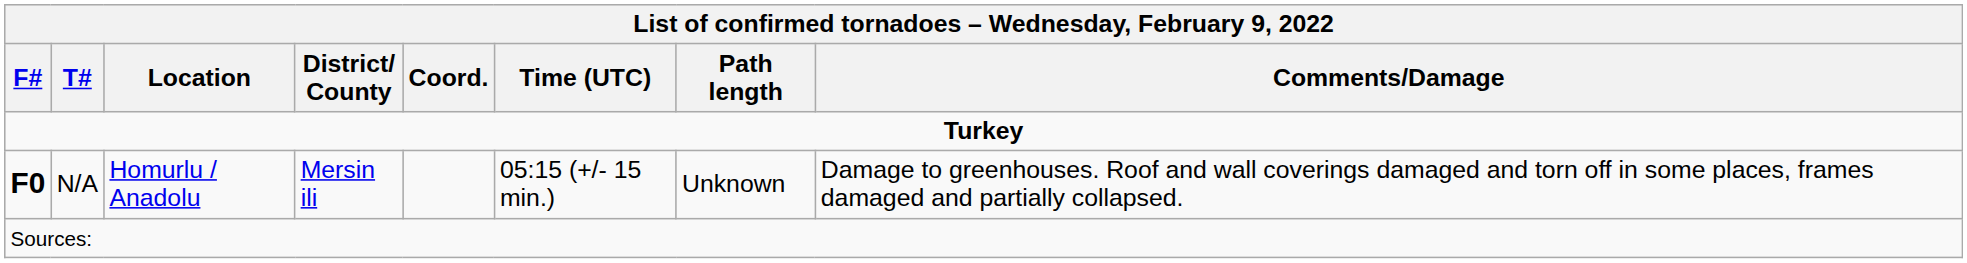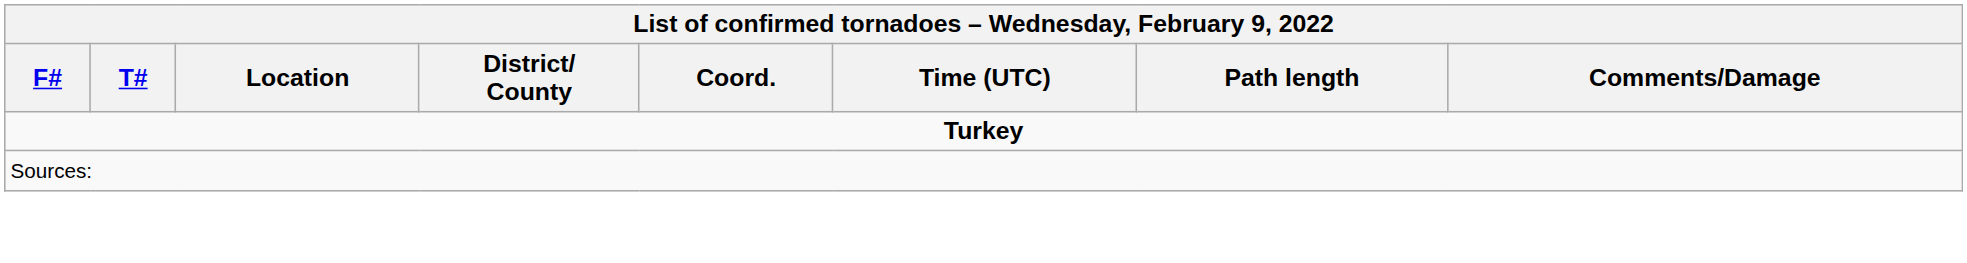 <table class="wikitable collapsible" width="100%">
 <tr>
 <th colspan="8">List of confirmed tornadoes – Wednesday, February 9, 2022</th>
 </tr>
 <tr>
 <th><a href='#'>F#</a></th>
 <th><a href='#'>T#</a></th>
 <th>Location</th>
 <th>District/<br>County</th>
 <th>Coord.</th>
 <th>Time (UTC)</th>
 <th>Path length</th>
 <th>Comments/Damage</th>
 </tr>
 <tr>
 <td colspan="8" align=center><strong>Turkey</strong></td>
 </tr>
 <tr>
-<td><big><strong>F0</strong></big></td>
-<td>N/A</td>
-<td><a href='#'>Homurlu / Anadolu</a></td>
-<td><a href='#'>Mersin ili</a></td>
-<td></td>
-<td>05:15 (+/- 15 min.)</td>
-<td>Unknown</td>
-<td>Damage to greenhouses. Roof and wall coverings damaged and torn off in some places, frames damaged and partially collapsed.</td>
-</tr>
-<tr>
 <td colspan="8"><small>Sources:  </small></td>
 </tr>
 </table>
